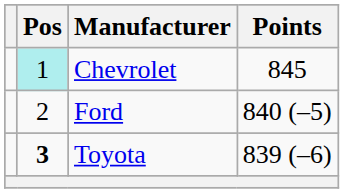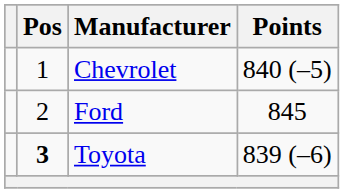 <table class="wikitable" style="font-size: 95%">
 <tr>
 <th></th>
 <th>Pos</th>
 <th>Manufacturer</th>
 <th>Points</th>
 </tr>
 <tr>
 <td align="left"></td>
-<td style="background: paleturquoise; text-align:center;">1</td>
+<td style="text-align:center;">1</td>
 <td><a href='#'>Chevrolet</a></td>
-<td style="text-align:center;">845</td>
+<td style="text-align:center;">840 (–5)</td>
 </tr>
 <tr>
 <td align="left"></td>
 <td style="text-align:center;">2</td>
 <td><a href='#'>Ford</a></td>
-<td style="text-align:center;">840 (–5)</td>
+<td style="text-align:center;">845</td>
 </tr>
 <tr>
 <td align="left"></td>
 <td style="text-align:center;"><strong>3</strong></td>
 <td><a href='#'>Toyota</a></td>
 <td style="text-align:center;">839 (–6)</td>
 </tr>
 <tr class="sortbottom">
 <th colspan="9"></th>
 </tr>
 </table>
